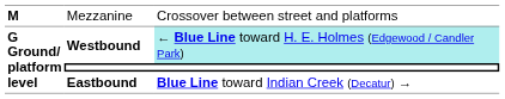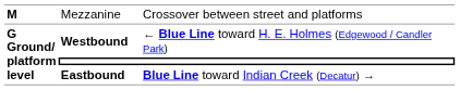 <table table border=0 cellspacing=0 cellpadding=3>
 <tr>
 <td style="border-top:solid 1px gray;" width=50 valign=top><strong>M</strong></td>
 <td style="border-top:solid 1px gray;" width=100 valign=top>Mezzanine</td>
 <td style="border-top:solid 1px gray;" width=400 valign=top>Crossover between street and platforms</td>
 </tr>
 <tr>
 <td style="border-top:solid 1px gray;border-bottom:solid 1px gray;" width=50 rowspan=3 valign=top><strong>G<br>Ground/<br>platform level</strong></td>
 <td style="border-top:solid 1px gray;" width=100><strong>Westbound</strong></td>
-<td style="background: paleturquoise; border-top:solid 1px gray;" width=400>← <a href='#'><span><strong>Blue Line</strong></span></a> toward <a href='#'>H. E. Holmes</a> <small>(<a href='#'>Edgewood / Candler Park</a>)</small></td>
+<td style="border-top:solid 1px gray;" width=400>← <a href='#'><span><strong>Blue Line</strong></span></a> toward <a href='#'>H. E. Holmes</a> <small>(<a href='#'>Edgewood / Candler Park</a>)</small></td>
 </tr>
 <tr>
 <td style="border-top:solid 2px black;border-right:solid 2px black;border-left:solid 2px black;border-bottom:solid 2px black;text-align:center;" colspan=2></td>
 </tr>
 <tr>
 <td style="border-bottom:solid 1px gray;"><strong>Eastbound</strong></td>
 <td style="border-bottom:solid 1px gray;"> <a href='#'><span><strong>Blue Line</strong></span></a> toward <a href='#'>Indian Creek</a> <small>(<a href='#'>Decatur</a>)</small> →</td>
 </tr>
 </table>
